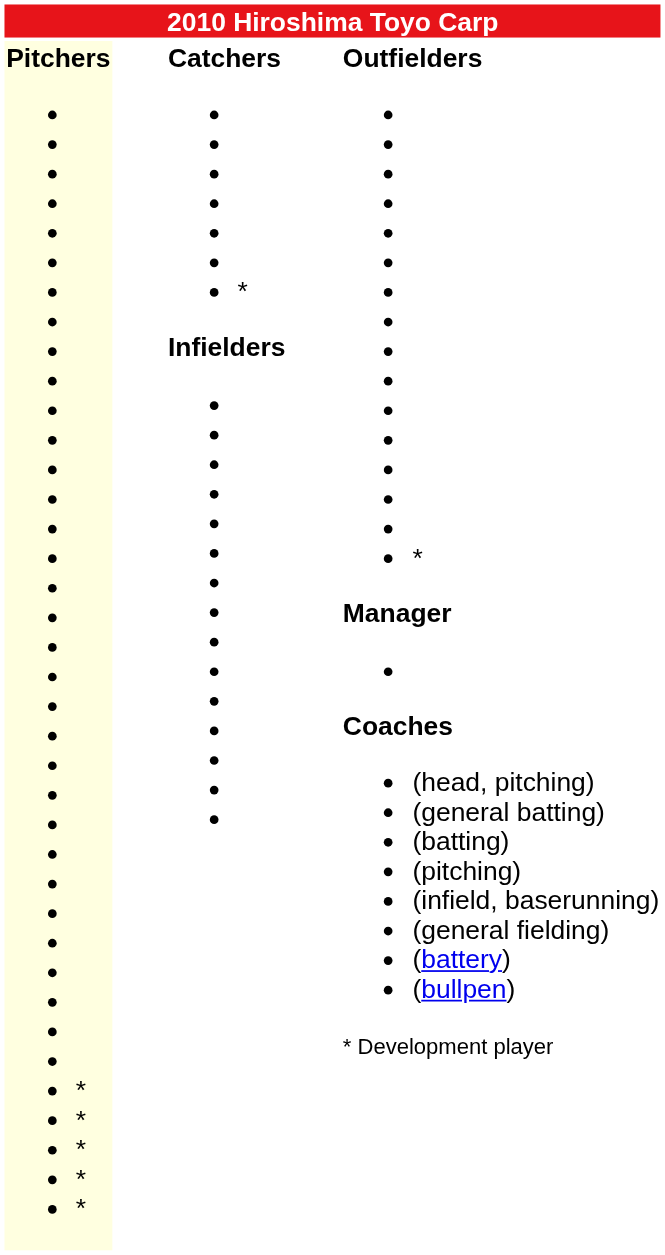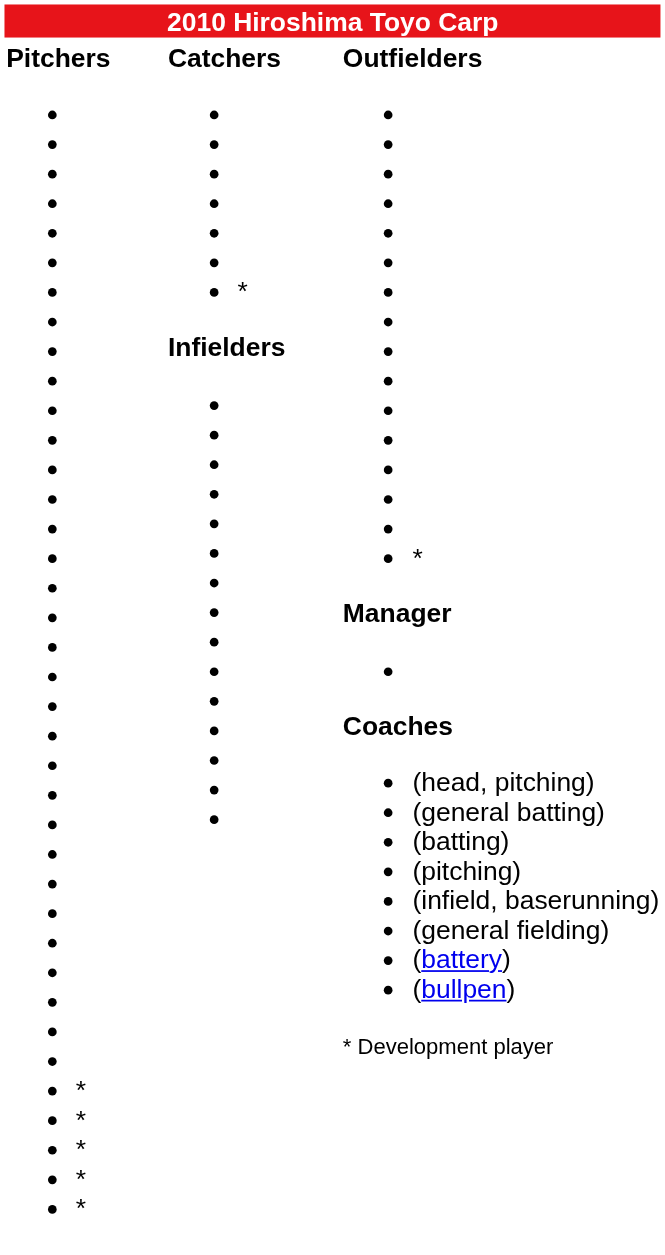 <table class="toccolours" style="font-size: 95%;">
 <tr>
 <th colspan="10" style="background:#e7141a; color:white; text-align:center;">2010 Hiroshima Toyo Carp</th>
 </tr>
 <tr>
-<td valign="top" style="background: lightyellow;"><strong>Pitchers</strong><br><ul><li></li><li></li><li></li><li></li><li></li><li></li><li></li><li></li><li></li><li></li><li></li><li></li><li></li><li></li><li></li><li></li><li></li><li></li><li></li><li></li><li></li><li></li><li></li><li></li><li></li><li></li><li></li><li></li><li></li><li></li><li></li><li></li><li></li><li>*</li><li>*</li><li>*</li><li>*</li><li>*</li></ul></td>
+<td valign="top"><strong>Pitchers</strong><br><ul><li></li><li></li><li></li><li></li><li></li><li></li><li></li><li></li><li></li><li></li><li></li><li></li><li></li><li></li><li></li><li></li><li></li><li></li><li></li><li></li><li></li><li></li><li></li><li></li><li></li><li></li><li></li><li></li><li></li><li></li><li></li><li></li><li></li><li>*</li><li>*</li><li>*</li><li>*</li><li>*</li></ul></td>
 <td style="width:25px;"></td>
 <td valign="top"><strong>Catchers</strong><br><ul><li></li><li></li><li></li><li></li><li></li><li></li><li>*</li></ul><strong>Infielders</strong><ul><li></li><li></li><li></li><li></li><li></li><li></li><li></li><li></li><li></li><li></li><li></li><li></li><li></li><li></li><li></li></ul></td>
 <td style="width:25px;"></td>
 <td valign="top"><strong>Outfielders</strong><br><ul><li></li><li></li><li></li><li></li><li></li><li></li><li></li><li></li><li></li><li></li><li></li><li></li><li></li><li></li><li></li><li>*</li></ul><strong>Manager</strong><ul><li></li></ul><strong>Coaches</strong><ul><li> (head, pitching)</li><li> (general batting)</li><li> (batting)</li><li> (pitching)</li><li> (infield, baserunning)</li><li> (general fielding)</li><li> (<a href='#'>battery</a>)</li><li> (<a href='#'>bullpen</a>)</li></ul><small>* Development player</small><br></td>
 </tr>
 </table>
